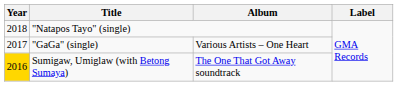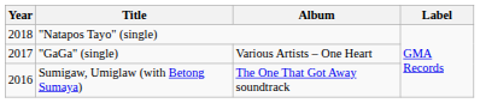 <table class="wikitable">
 <tr>
 <th>Year</th>
 <th>Title</th>
 <th>Album</th>
 <th>Label</th>
 </tr>
 <tr>
 <td>2018</td>
 <td colspan="2">"Natapos Tayo" (single)</td>
 <td rowspan="3"><a href='#'>GMA Records</a></td>
 </tr>
 <tr>
 <td>2017</td>
 <td>"GaGa" (single)</td>
 <td>Various Artists – One Heart</td>
 </tr>
 <tr>
-<td style="background: gold;">2016</td>
+<td>2016</td>
 <td>Sumigaw, Umiglaw (with <a href='#'>Betong Sumaya</a>)</td>
 <td><a href='#'>The One That Got Away</a> soundtrack</td>
 </tr>
 </table>
